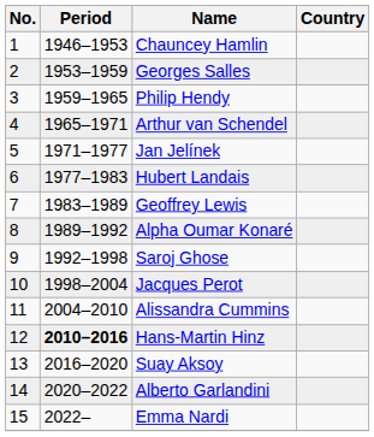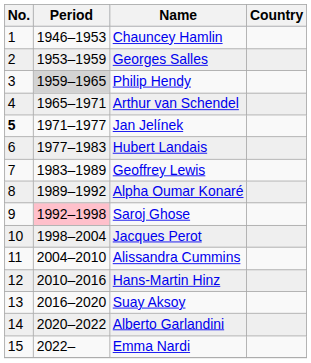 <table class="wikitable" style="margin:1em auto;">
 <tr align=center bgcolor="lightsteelblue">
 <th>No.</th>
 <th>Period</th>
 <th>Name</th>
 <th>Country</th>
 </tr>
 <tr>
 <td>1</td>
 <td>1946–1953</td>
 <td><a href='#'>Chauncey Hamlin</a></td>
 <td></td>
 </tr>
 <tr bgcolor="efefef">
 <td>2</td>
 <td>1953–1959</td>
 <td><a href='#'>Georges Salles</a></td>
 <td></td>
 </tr>
 <tr>
 <td>3</td>
-<td>1959–1965</td>
+<td style="background: lightgrey;">1959–1965</td>
 <td><a href='#'>Philip Hendy</a></td>
 <td></td>
 </tr>
 <tr bgcolor="efefef">
 <td>4</td>
 <td>1965–1971</td>
 <td><a href='#'>Arthur van Schendel</a></td>
 <td></td>
 </tr>
 <tr>
-<td>5</td>
+<td><strong>5</strong></td>
 <td>1971–1977</td>
 <td><a href='#'>Jan Jelínek</a></td>
 <td></td>
 </tr>
 <tr bgcolor="efefef">
 <td>6</td>
 <td>1977–1983</td>
 <td><a href='#'>Hubert Landais</a></td>
 <td></td>
 </tr>
 <tr>
 <td>7</td>
 <td>1983–1989</td>
 <td><a href='#'>Geoffrey Lewis</a></td>
 <td></td>
 </tr>
 <tr bgcolor="efefef">
 <td>8</td>
 <td>1989–1992</td>
 <td><a href='#'>Alpha Oumar Konaré</a></td>
 <td></td>
 </tr>
 <tr>
 <td>9</td>
-<td>1992–1998</td>
+<td style="background: pink;">1992–1998</td>
 <td><a href='#'>Saroj Ghose</a></td>
 <td></td>
 </tr>
 <tr bgcolor="efefef">
 <td>10</td>
 <td>1998–2004</td>
 <td><a href='#'>Jacques Perot</a></td>
 <td></td>
 </tr>
 <tr>
 <td>11</td>
 <td>2004–2010</td>
 <td><a href='#'>Alissandra Cummins</a></td>
 <td></td>
 </tr>
 <tr bgcolor="efefef">
 <td>12</td>
-<td><strong>2010–2016</strong></td>
+<td>2010–2016</td>
 <td><a href='#'>Hans-Martin Hinz</a></td>
 <td></td>
 </tr>
 <tr>
 <td>13</td>
 <td>2016–2020</td>
 <td><a href='#'>Suay Aksoy</a></td>
 <td></td>
 </tr>
 <tr bgcolor="efefef">
 <td>14</td>
 <td>2020–2022</td>
 <td><a href='#'>Alberto Garlandini</a></td>
 <td></td>
 </tr>
 <tr>
 <td>15</td>
 <td>2022–</td>
 <td><a href='#'>Emma Nardi</a></td>
 <td></td>
 </tr>
 <tr>
 </tr>
 </table>
